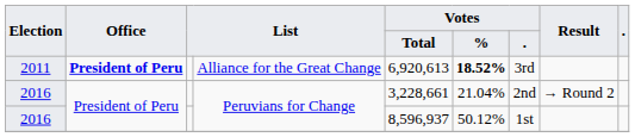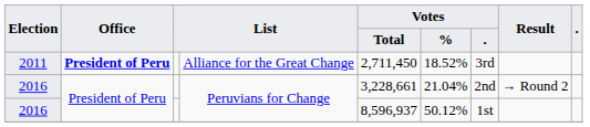 <table class="wikitable" style="font-size:90%; text-align:center;">
 <tr>
 <th style="background-color:#EAECF0;" rowspan=2>Election</th>
 <th style="background-color:#EAECF0;" rowspan=2>Office</th>
 <th style="background-color:#EAECF0;" colspan=2 rowspan=2>List</th>
 <th style="background-color:#EAECF0;" colspan=3>Votes</th>
 <th style="background-color:#EAECF0;" rowspan=2>Result</th>
 <th style="background-color:#EAECF0;" rowspan=2>.</th>
 </tr>
 <tr>
 <th style="background-color:#EAECF0;">Total</th>
 <th style="background-color:#EAECF0;">%</th>
 <th style="background-color:#EAECF0;">.</th>
 </tr>
 <tr>
 <td style="background-color:#EAECF0;"><a href='#'>2011</a></td>
 <td><strong><a href='#'>President of Peru</a></strong></td>
 <td style="background-color:"></td>
 <td><a href='#'>Alliance for the Great Change</a></td>
-<td>6,920,613</td>
-<td><strong>18.52%</strong></td>
+<td>2,711,450</td>
+<td>18.52%</td>
 <td>3rd</td>
 <td></td>
 <td></td>
 </tr>
 <tr>
 <td style="background-color:#EAECF0;"><a href='#'>2016</a></td>
 <td rowspan="2"><a href='#'>President of Peru</a></td>
 <td style="background-color:"></td>
 <td rowspan="2"><a href='#'>Peruvians for Change</a></td>
 <td>3,228,661</td>
 <td>21.04%</td>
 <td>2nd</td>
 <td>→ Round 2</td>
 <td></td>
 </tr>
 <tr>
 <td style="background-color:#EAECF0;"><a href='#'>2016</a></td>
 <td style="background-color:"></td>
 <td>8,596,937</td>
 <td>50.12%</td>
 <td>1st</td>
 <td></td>
 <td></td>
 </tr>
 <tr>
 </tr>
 </table>
